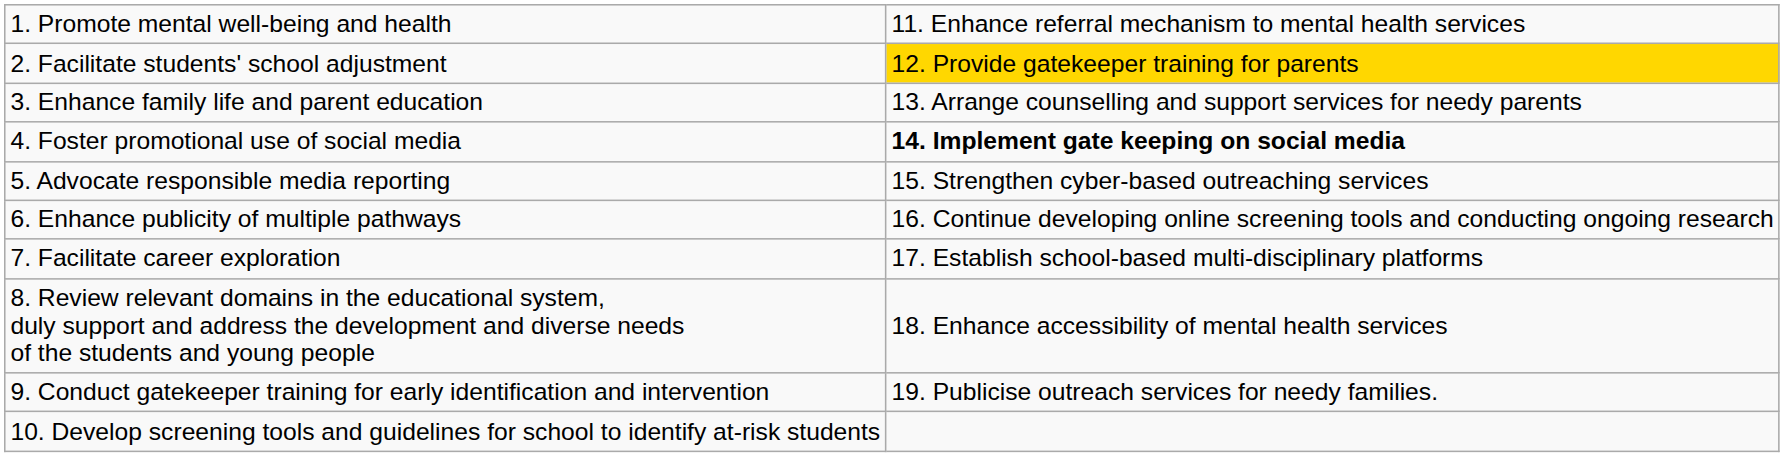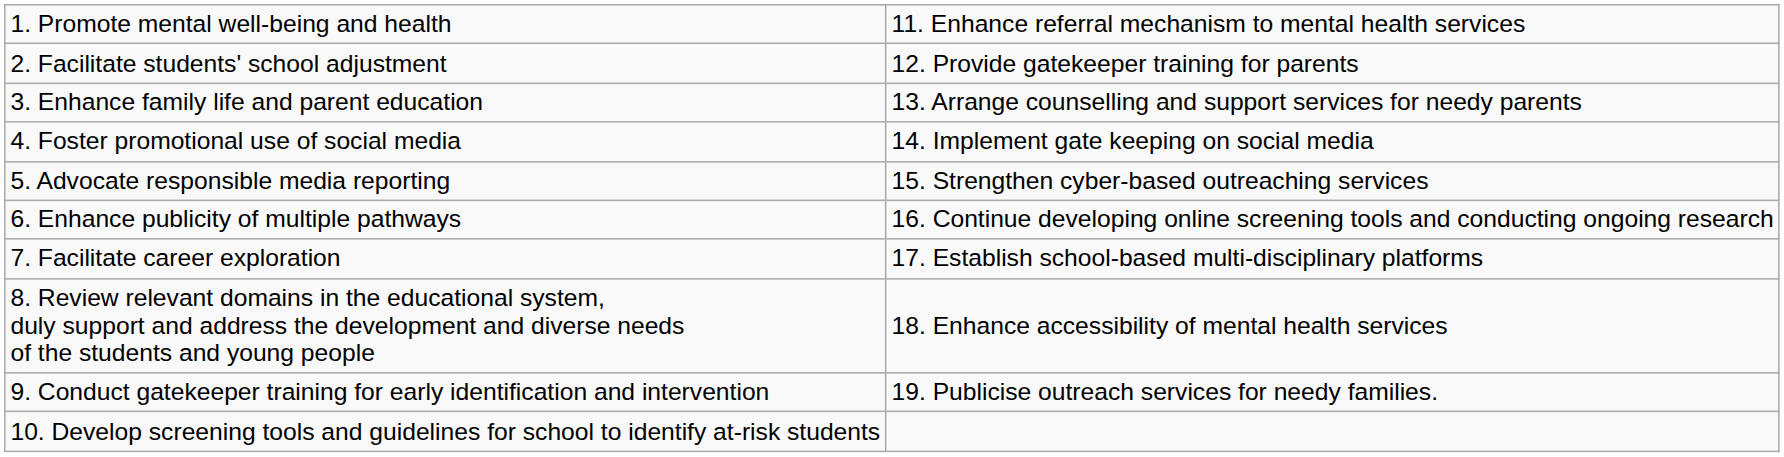 <table class="wikitable">
 <tr>
 <td>1. Promote mental well-being and health</td>
 <td>11. Enhance referral mechanism to mental health services</td>
 </tr>
 <tr>
 <td>2. Facilitate students' school adjustment</td>
-<td style="background: gold;">12. Provide gatekeeper training for parents</td>
+<td>12. Provide gatekeeper training for parents</td>
 </tr>
 <tr>
 <td>3. Enhance family life and parent education</td>
 <td>13. Arrange counselling and support services for needy parents</td>
 </tr>
 <tr>
 <td>4. Foster promotional use of social media</td>
-<td><strong>14. Implement gate keeping on social media</strong></td>
+<td>14. Implement gate keeping on social media</td>
 </tr>
 <tr>
 <td>5. Advocate responsible media reporting</td>
 <td>15. Strengthen cyber-based outreaching services</td>
 </tr>
 <tr>
 <td>6. Enhance publicity of multiple pathways</td>
 <td>16. Continue developing online screening tools and conducting ongoing research</td>
 </tr>
 <tr>
 <td>7. Facilitate career exploration</td>
 <td>17. Establish school-based multi-disciplinary platforms</td>
 </tr>
 <tr>
 <td>8. Review relevant domains in the educational system,<br>duly support and address the development and diverse needs<br>of the students and young people</td>
 <td>18. Enhance accessibility of mental health services</td>
 </tr>
 <tr>
 <td>9. Conduct gatekeeper training for early identification and intervention</td>
 <td>19. Publicise outreach services for needy families.</td>
 </tr>
 <tr>
 <td>10. Develop screening tools and guidelines for school to identify at-risk students</td>
 <td></td>
 </tr>
 </table>
